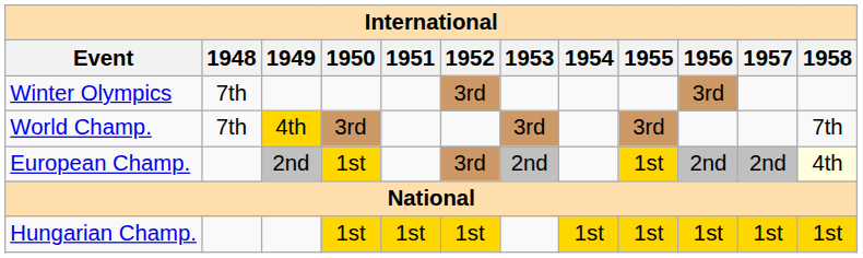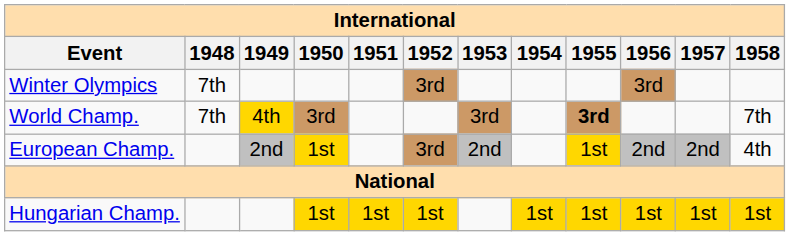 <table class="wikitable" style="text-align:center">
 <tr>
 <th style="background-color: #ffdead; " colspan=12 align=center>International</th>
 </tr>
 <tr>
 <th>Event</th>
 <th>1948</th>
 <th>1949</th>
 <th>1950</th>
 <th>1951</th>
 <th>1952</th>
 <th>1953</th>
 <th>1954</th>
 <th>1955</th>
 <th>1956</th>
 <th>1957</th>
 <th>1958</th>
 </tr>
 <tr>
 <td align=left><a href='#'>Winter Olympics</a></td>
 <td>7th</td>
 <td></td>
 <td></td>
 <td></td>
 <td bgcolor=cc9966>3rd</td>
 <td></td>
 <td></td>
 <td></td>
 <td bgcolor=cc9966>3rd</td>
 <td></td>
 <td></td>
 </tr>
 <tr>
 <td align=left><a href='#'>World Champ.</a></td>
 <td>7th</td>
 <td style="background: gold;">4th</td>
 <td bgcolor=cc9966>3rd</td>
 <td></td>
 <td></td>
 <td bgcolor=cc9966>3rd</td>
 <td></td>
-<td bgcolor=cc9966>3rd</td>
+<td bgcolor=cc9966><strong>3rd</strong></td>
 <td></td>
 <td></td>
 <td>7th</td>
 </tr>
 <tr>
 <td align=left><a href='#'>European Champ.</a></td>
 <td></td>
 <td bgcolor=silver>2nd</td>
 <td bgcolor=gold>1st</td>
 <td></td>
 <td bgcolor=cc9966>3rd</td>
 <td bgcolor=silver>2nd</td>
 <td></td>
 <td bgcolor=gold>1st</td>
 <td bgcolor=silver>2nd</td>
 <td bgcolor=silver>2nd</td>
-<td style="background: lightyellow;">4th</td>
+<td>4th</td>
 </tr>
 <tr>
 <th style="background-color: #ffdead; " colspan=12 align=center>National</th>
 </tr>
 <tr>
 <td align=left><a href='#'>Hungarian Champ.</a></td>
 <td></td>
 <td></td>
 <td bgcolor=gold>1st</td>
 <td bgcolor=gold>1st</td>
 <td bgcolor=gold>1st</td>
 <td></td>
 <td bgcolor=gold>1st</td>
 <td bgcolor=gold>1st</td>
 <td bgcolor=gold>1st</td>
 <td bgcolor=gold>1st</td>
 <td bgcolor=gold>1st</td>
 </tr>
 </table>
